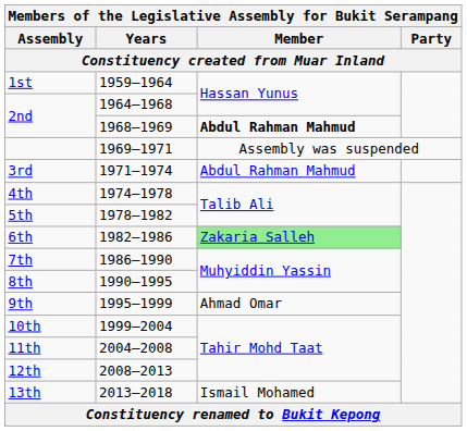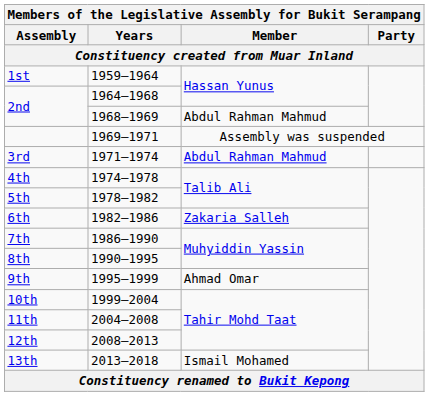 <table class="wikitable">
 <tr>
 <th colspan="4">Members of the Legislative Assembly for Bukit Serampang</th>
 </tr>
 <tr>
 <th>Assembly</th>
 <th>Years</th>
 <th>Member</th>
 <th>Party</th>
 </tr>
 <tr>
 <th colspan="4" align="center"><em>Constituency created from Muar Inland</em></th>
 </tr>
 <tr>
 <td><a href='#'>1st</a></td>
 <td>1959–1964</td>
 <td rowspan=2><a href='#'>Hassan Yunus</a></td>
 <td rowspan=3></td>
 </tr>
 <tr>
 <td rowspan=2><a href='#'>2nd</a></td>
 <td>1964–1968</td>
 </tr>
 <tr>
 <td>1968–1969</td>
-<td><strong>Abdul Rahman Mahmud</strong></td>
+<td>Abdul Rahman Mahmud</td>
 </tr>
 <tr>
 <td></td>
 <td>1969–1971</td>
 <td colspan=2 align=center>Assembly was suspended</td>
 </tr>
 <tr>
 <td><a href='#'>3rd</a></td>
 <td>1971–1974</td>
 <td><a href='#'>Abdul Rahman Mahmud</a></td>
 <td></td>
 </tr>
 <tr>
 <td><a href='#'>4th</a></td>
 <td>1974–1978</td>
 <td rowspan=2><a href='#'>Talib Ali</a></td>
 <td rowspan=10></td>
 </tr>
 <tr>
 <td><a href='#'>5th</a></td>
 <td>1978–1982</td>
 </tr>
 <tr>
 <td><a href='#'>6th</a></td>
 <td>1982–1986</td>
-<td style="background: lightgreen;"><a href='#'>Zakaria Salleh</a></td>
+<td><a href='#'>Zakaria Salleh</a></td>
 </tr>
 <tr>
 <td><a href='#'>7th</a></td>
 <td>1986–1990</td>
 <td rowspan=2><a href='#'>Muhyiddin Yassin</a></td>
 </tr>
 <tr>
 <td><a href='#'>8th</a></td>
 <td>1990–1995</td>
 </tr>
 <tr>
 <td><a href='#'>9th</a></td>
 <td>1995–1999</td>
 <td>Ahmad Omar</td>
 </tr>
 <tr>
 <td><a href='#'>10th</a></td>
 <td>1999–2004</td>
 <td rowspan=3><a href='#'>Tahir Mohd Taat</a></td>
 </tr>
 <tr>
 <td><a href='#'>11th</a></td>
 <td>2004–2008</td>
 </tr>
 <tr>
 <td><a href='#'>12th</a></td>
 <td>2008–2013</td>
 </tr>
 <tr>
 <td><a href='#'>13th</a></td>
 <td>2013–2018</td>
 <td>Ismail Mohamed</td>
 </tr>
 <tr>
 <th colspan="4" align="center"><em>Constituency renamed to <a href='#'>Bukit Kepong</a></em></th>
 </tr>
 </table>
